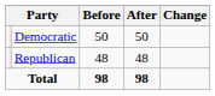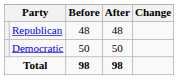 <table class="wikitable" style="text-align:center;">
 <tr>
 </tr>
 <tr>
 <th colspan=2>Party</th>
 <th>Before</th>
 <th>After</th>
 <th>Change</th>
 </tr>
 <tr>
 <th style="background-color:"></th>
-<td style="text-align:left;"><a href='#'>Democratic</a></td>
-<td>50</td>
-<td>50</td>
+<td style="text-align:left;"><a href='#'>Republican</a></td>
+<td>48</td>
+<td>48</td>
 <td></td>
 </tr>
 <tr>
 <th style="background-color:"></th>
-<td style="text-align:left;"><a href='#'>Republican</a></td>
-<td>48</td>
-<td>48</td>
+<td style="text-align:left;"><a href='#'>Democratic</a></td>
+<td>50</td>
+<td>50</td>
 <td></td>
 </tr>
 <tr>
 <td colspan=2><strong>Total</strong></td>
 <td><strong>98</strong></td>
 <td><strong>98</strong></td>
 <td></td>
 </tr>
 </table>
